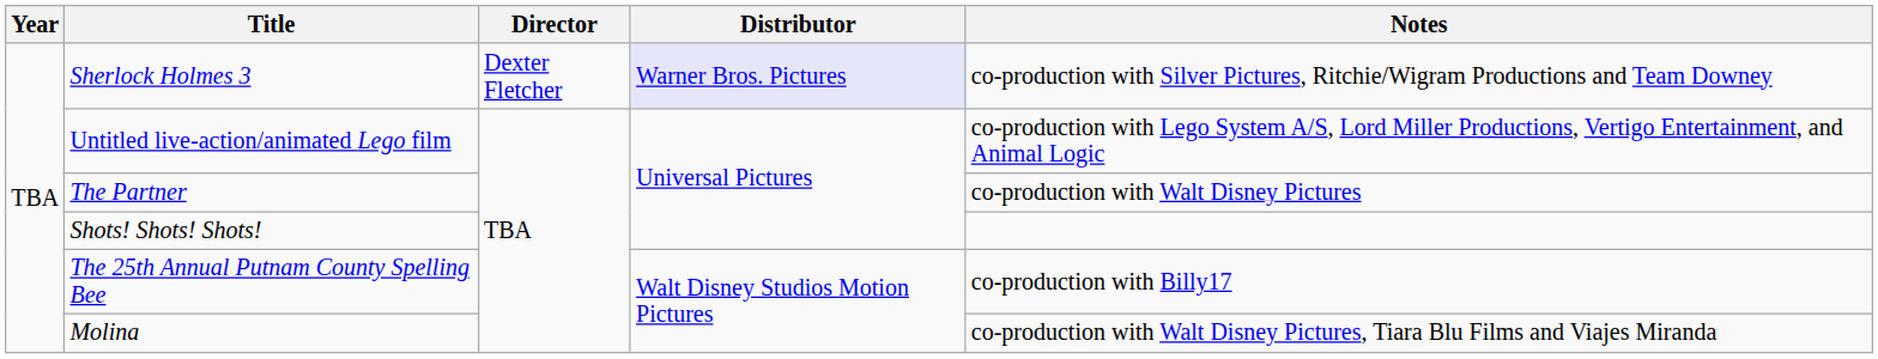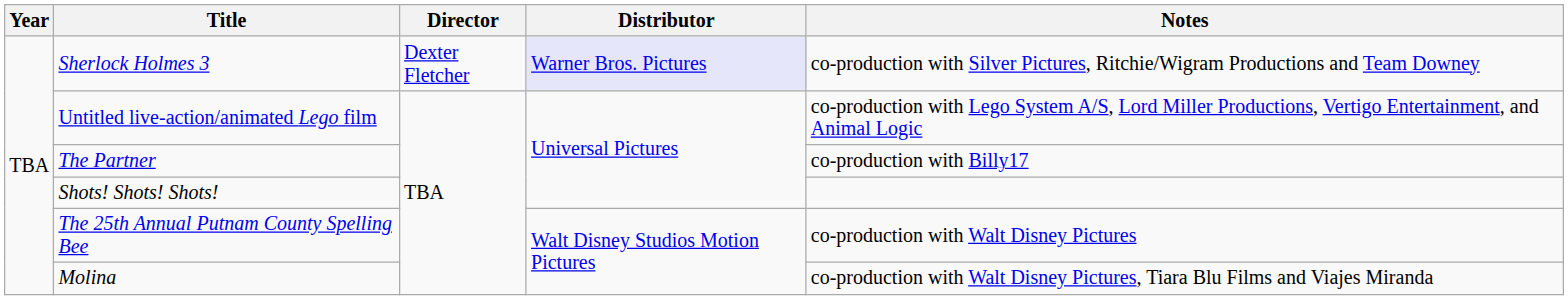 <table class="wikitable sortable">
 <tr>
 <th>Year</th>
 <th>Title</th>
 <th>Director</th>
 <th>Distributor</th>
 <th>Notes</th>
 </tr>
 <tr>
 <td rowspan="6">TBA</td>
 <td><em><a href='#'>Sherlock Holmes 3</a></em></td>
 <td><a href='#'>Dexter Fletcher</a></td>
 <td style="background: lavender;"><a href='#'>Warner Bros. Pictures</a></td>
 <td>co-production with <a href='#'>Silver Pictures</a>, Ritchie/Wigram Productions and <a href='#'>Team Downey</a></td>
 </tr>
 <tr>
 <td><a href='#'>Untitled live-action/animated <em>Lego</em> film</a></td>
 <td rowspan="5">TBA</td>
 <td rowspan="3"><a href='#'>Universal Pictures</a></td>
 <td>co-production with <a href='#'>Lego System A/S</a>, <a href='#'>Lord Miller Productions</a>, <a href='#'>Vertigo Entertainment</a>, and <a href='#'>Animal Logic</a></td>
 </tr>
 <tr>
 <td><em><a href='#'>The Partner</a></em></td>
-<td>co-production with <a href='#'>Walt Disney Pictures</a></td>
+<td>co-production with <a href='#'>Billy17</a></td>
 </tr>
 <tr>
 <td><em>Shots! Shots! Shots!</em></td>
 <td></td>
 </tr>
 <tr>
 <td><em><a href='#'>The 25th Annual Putnam County Spelling Bee</a></em></td>
 <td rowspan="2"><a href='#'>Walt Disney Studios Motion Pictures</a></td>
-<td>co-production with <a href='#'>Billy17</a></td>
+<td>co-production with <a href='#'>Walt Disney Pictures</a></td>
 </tr>
 <tr>
 <td><em>Molina</em></td>
 <td>co-production with <a href='#'>Walt Disney Pictures</a>, Tiara Blu Films and Viajes Miranda</td>
 </tr>
 </table>
